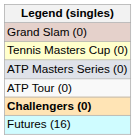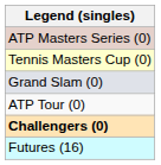 <table class="wikitable">
 <tr>
 <th>Legend (singles)</th>
 </tr>
 <tr bgcolor="#e5d1cb">
-<td>Grand Slam (0)</td>
+<td>ATP Masters Series (0)</td>
 </tr>
 <tr bgcolor="ffffcc">
 <td>Tennis Masters Cup (0)</td>
 </tr>
 <tr bgcolor="#dfe2e9">
-<td>ATP Masters Series (0)</td>
+<td>Grand Slam (0)</td>
 </tr>
 <tr>
 <td>ATP Tour (0)</td>
 </tr>
 <tr bgcolor="moccasin">
 <td><strong>Challengers (0)</strong></td>
 </tr>
 <tr bgcolor="CFFCFF">
 <td>Futures (16)</td>
 </tr>
 </table>
